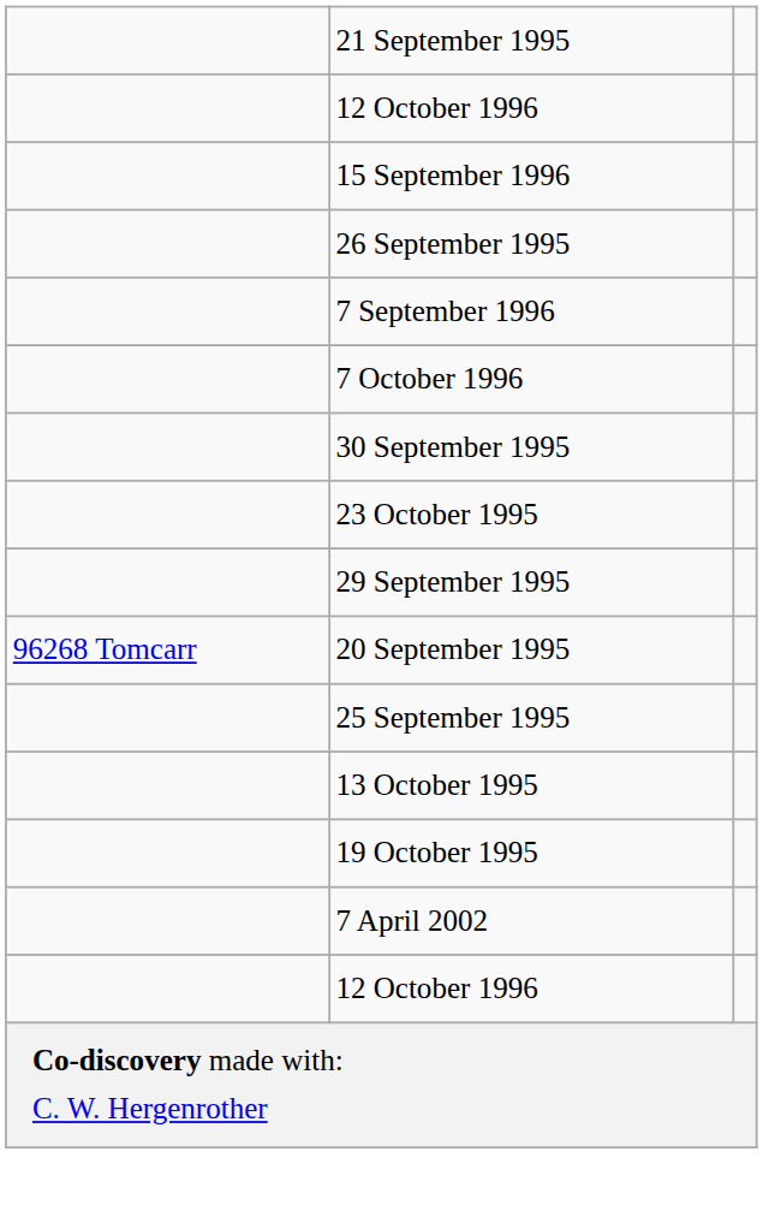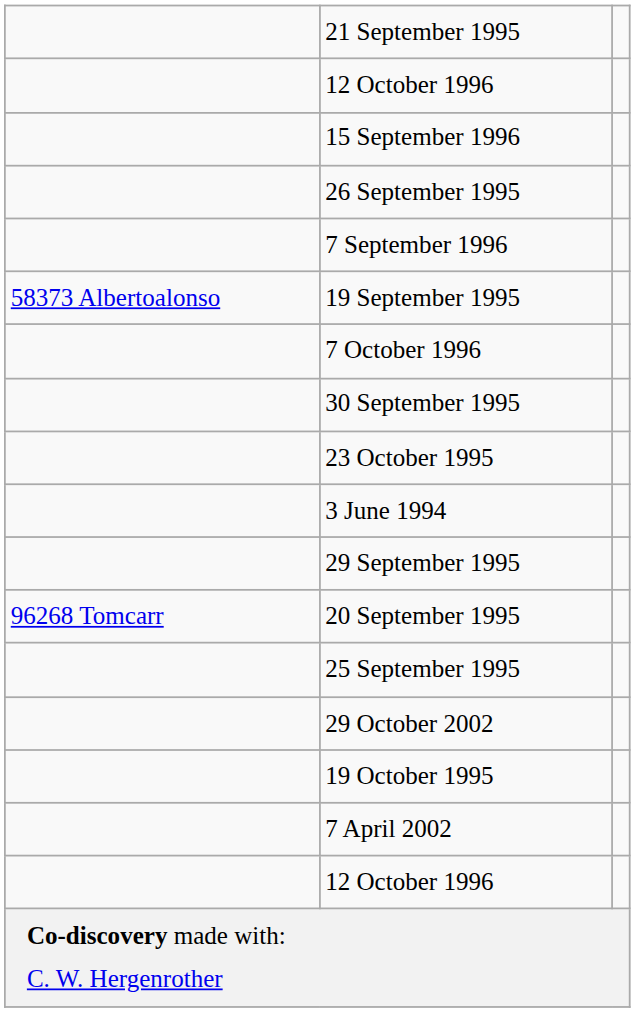 <table class="wikitable" style="font-size: 89%; float: left; width: 25em; margin-right: 1em; line-height: 1.65em !important; height: 540px;">
 <tr>
 <td></td>
 <td>21 September 1995</td>
 <td></td>
 </tr>
 <tr>
 <td></td>
 <td>12 October 1996</td>
 <td></td>
 </tr>
 <tr>
 <td></td>
 <td>15 September 1996</td>
 <td></td>
 </tr>
 <tr>
 <td></td>
 <td>26 September 1995</td>
 <td></td>
 </tr>
 <tr>
 <td></td>
 <td>7 September 1996</td>
 <td></td>
 </tr>
 <tr>
+<td><a href='#'>58373 Albertoalonso</a></td>
+<td>19 September 1995</td>
+<td></td>
+</tr>
+<tr>
 <td></td>
 <td>7 October 1996</td>
 <td></td>
 </tr>
 <tr>
 <td></td>
 <td>30 September 1995</td>
 <td></td>
 </tr>
 <tr>
 <td></td>
 <td>23 October 1995</td>
+<td></td>
+</tr>
+<tr>
+<td></td>
+<td>3 June 1994</td>
 <td></td>
 </tr>
 <tr>
 <td></td>
 <td>29 September 1995</td>
 <td></td>
 </tr>
 <tr>
 <td><a href='#'>96268 Tomcarr</a></td>
 <td>20 September 1995</td>
 <td></td>
 </tr>
 <tr>
 <td></td>
 <td>25 September 1995</td>
 <td></td>
 </tr>
 <tr>
 <td></td>
-<td>13 October 1995</td>
+<td>29 October 2002</td>
 <td></td>
 </tr>
 <tr>
 <td></td>
 <td>19 October 1995</td>
 <td></td>
 </tr>
 <tr>
 <td></td>
 <td>7 April 2002</td>
 <td></td>
 </tr>
 <tr>
 <td></td>
 <td>12 October 1996</td>
 <td></td>
 </tr>
 <tr>
 <th colspan=3 style="font-weight: normal; text-align: left; padding: 4px 12px;"><strong>Co-discovery</strong> made with:<br> <a href='#'>C. W. Hergenrother</a></th>
 </tr>
 </table>
